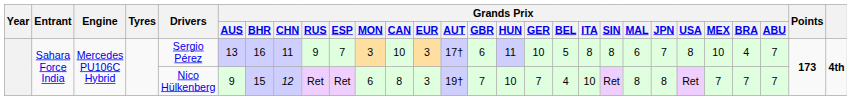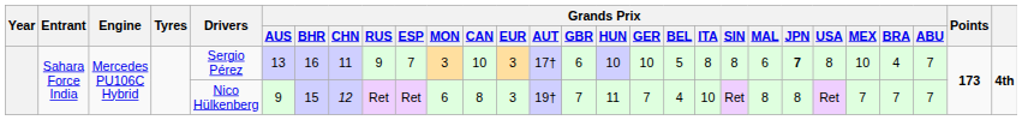 <table class="wikitable" style="text-align:center; font-size:90%">
 <tr>
 <th rowspan="2">Year</th>
 <th rowspan="2">Entrant</th>
 <th rowspan="2">Engine</th>
 <th rowspan="2">Tyres</th>
 <th rowspan="2">Drivers</th>
 <th colspan="21">Grands Prix</th>
 <th rowspan="2">Points</th>
 <th rowspan="2"></th>
 </tr>
 <tr>
 <th><a href='#'>AUS</a></th>
 <th><a href='#'>BHR</a></th>
 <th><a href='#'>CHN</a></th>
 <th><a href='#'>RUS</a></th>
 <th><a href='#'>ESP</a></th>
 <th><a href='#'>MON</a></th>
 <th><a href='#'>CAN</a></th>
 <th><a href='#'>EUR</a></th>
 <th><a href='#'>AUT</a></th>
 <th><a href='#'>GBR</a></th>
 <th><a href='#'>HUN</a></th>
 <th><a href='#'>GER</a></th>
 <th><a href='#'>BEL</a></th>
 <th><a href='#'>ITA</a></th>
 <th><a href='#'>SIN</a></th>
 <th><a href='#'>MAL</a></th>
 <th><a href='#'>JPN</a></th>
 <th><a href='#'>USA</a></th>
 <th><a href='#'>MEX</a></th>
 <th><a href='#'>BRA</a></th>
 <th><a href='#'>ABU</a></th>
 </tr>
 <tr>
 <th rowspan="2"></th>
 <td rowspan="2"><a href='#'>Sahara<br>Force India</a></td>
 <td rowspan="2"><a href='#'>Mercedes<br>PU106C<br>Hybrid</a></td>
 <td rowspan="2"></td>
 <td align="center"><a href='#'>Sergio Pérez</a></td>
 <td style="background-color:#CFCFFF">13</td>
 <td style="background-color:#CFCFFF">16</td>
 <td style="background-color:#CFCFFF">11</td>
 <td style="background-color:#DFFFDF">9</td>
 <td style="background-color:#DFFFDF">7</td>
 <td style="background-color:#ffdf9f">3</td>
 <td style="background-color:#DFFFDF">10</td>
 <td style="background-color:#ffdf9f">3</td>
 <td style="background-color:#CFCFFF">17†</td>
 <td style="background-color:#DFFFDF">6</td>
-<td style="background-color:#CFCFFF">11</td>
+<td style="background-color:#CFCFFF">10</td>
 <td style="background-color:#DFFFDF">10</td>
 <td style="background-color:#DFFFDF">5</td>
 <td style="background-color:#DFFFDF">8</td>
 <td style="background-color:#DFFFDF">8</td>
 <td style="background-color:#DFFFDF">6</td>
-<td style="background-color:#DFFFDF">7</td>
+<td style="background-color:#DFFFDF"><strong>7</strong></td>
 <td style="background-color:#DFFFDF">8</td>
 <td style="background-color:#DFFFDF">10</td>
 <td style="background-color:#DFFFDF">4</td>
 <td style="background-color:#DFFFDF">7</td>
 <td rowspan="2" style="background-color:"><strong>173</strong></td>
 <td rowspan="2" style="background-color:"><strong>4th</strong></td>
 </tr>
 <tr>
 <td align="center"><a href='#'>Nico Hülkenberg</a></td>
 <td style="background-color:#DFFFDF">9</td>
 <td style="background-color:#CFCFFF">15</td>
 <td style="background-color:#CFCFFF"><em>12</em></td>
 <td style="background-color:#efcfff">Ret</td>
 <td style="background-color:#efcfff">Ret</td>
 <td style="background-color:#DFFFDF">6</td>
 <td style="background-color:#DFFFDF">8</td>
 <td style="background-color:#DFFFDF">3</td>
 <td style="background-color:#CFCFFF">19†</td>
 <td style="background-color:#DFFFDF">7</td>
-<td style="background-color:#DFFFDF">10</td>
+<td style="background-color:#DFFFDF">11</td>
 <td style="background-color:#DFFFDF">7</td>
 <td style="background-color:#DFFFDF">4</td>
 <td style="background-color:#DFFFDF">10</td>
 <td style="background-color:#efcfff">Ret</td>
 <td style="background-color:#DFFFDF">8</td>
 <td style="background-color:#DFFFDF">8</td>
 <td style="background-color:#efcfff">Ret</td>
 <td style="background-color:#DFFFDF">7</td>
 <td style="background-color:#DFFFDF">7</td>
 <td style="background-color:#DFFFDF">7</td>
 </tr>
 </table>
